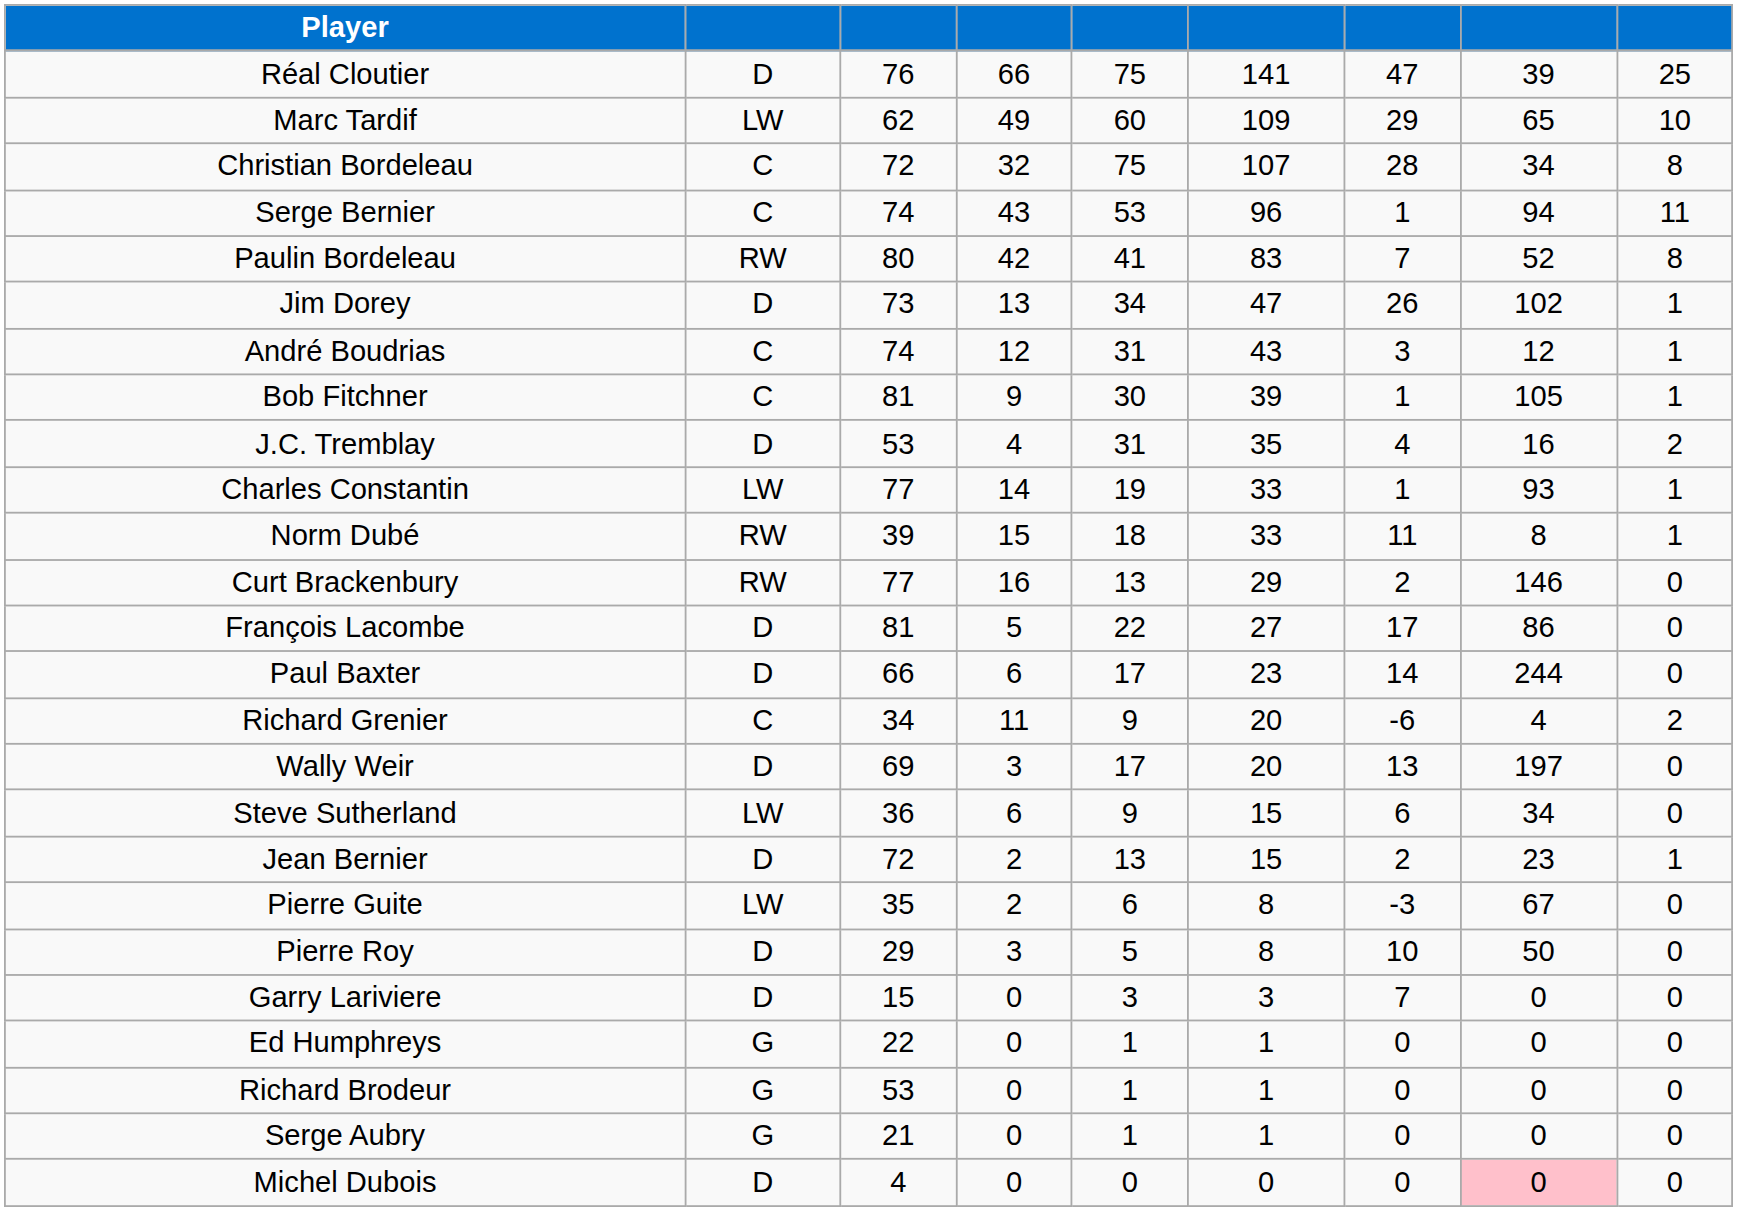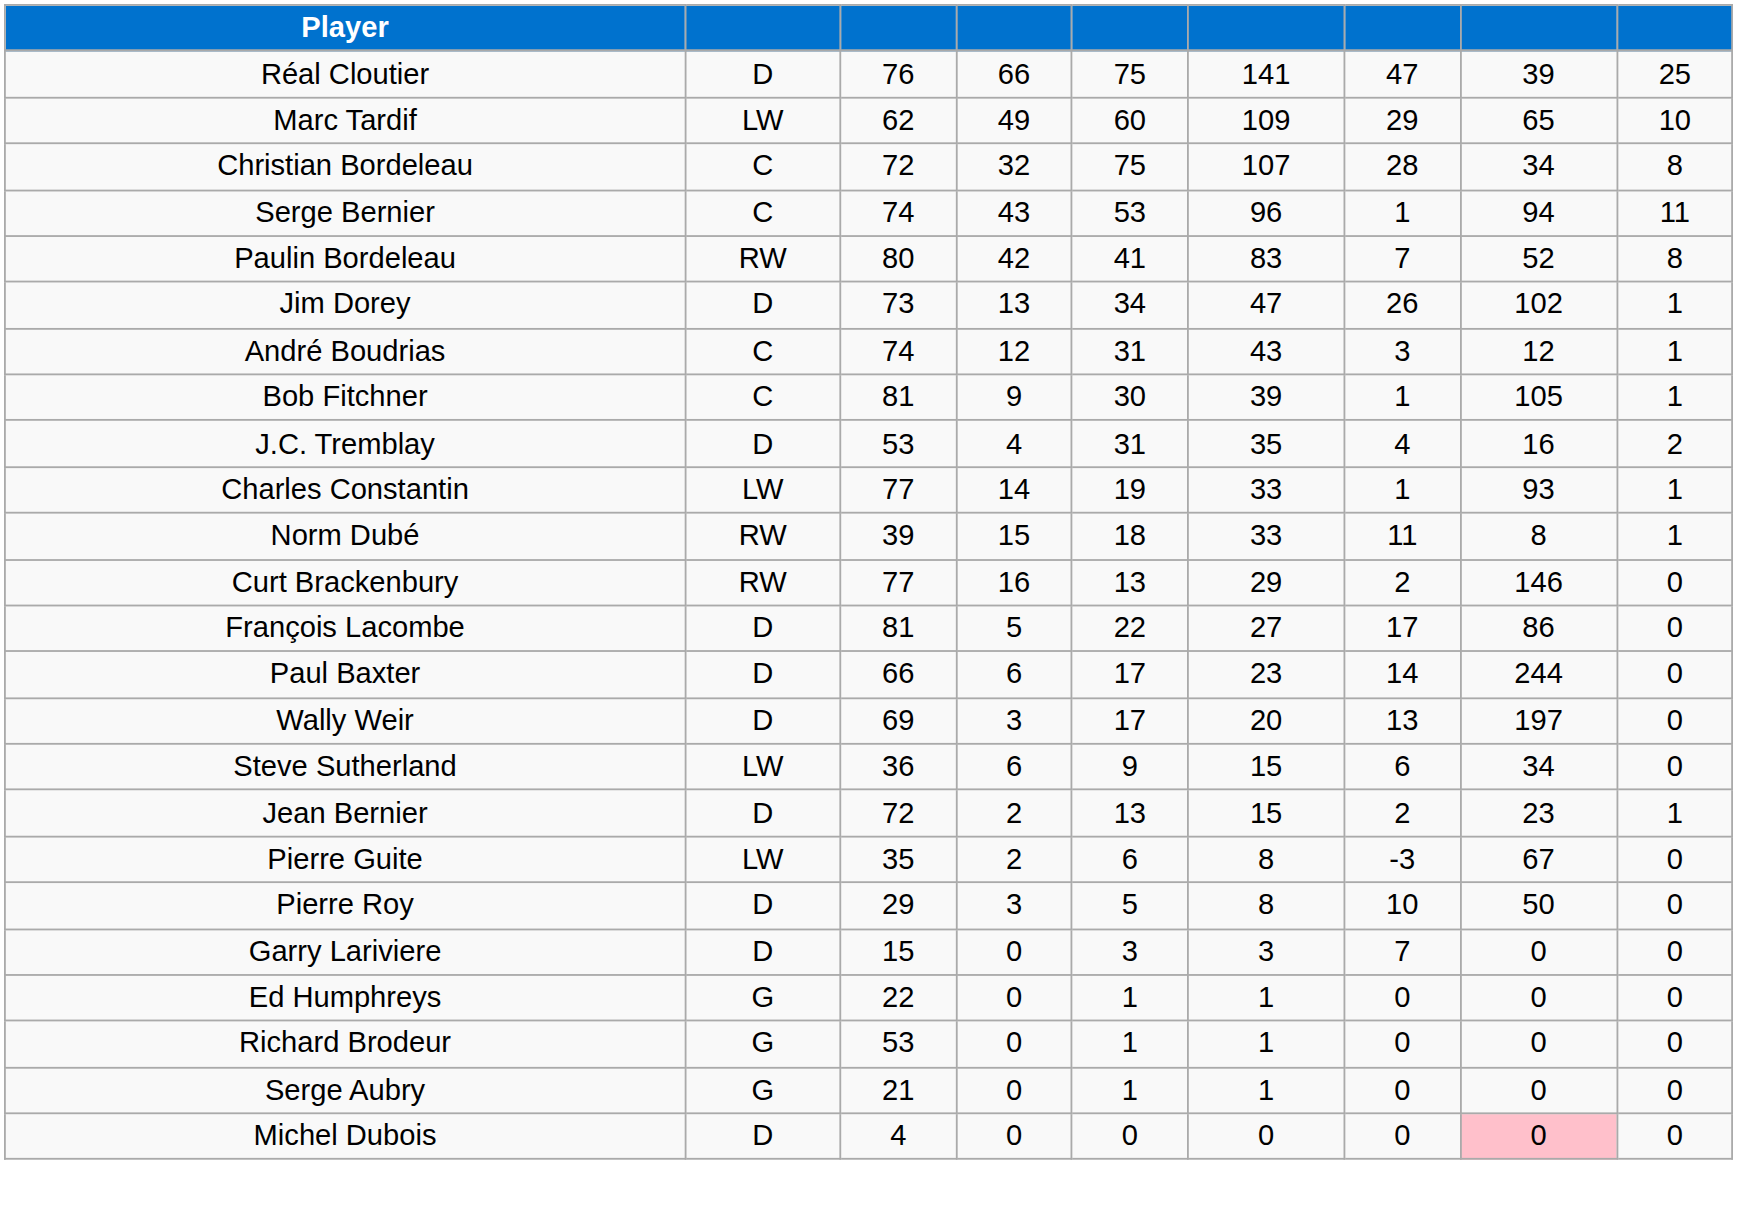 <table class="wikitable sortable" style="width:60%; text-align:center;">
 <tr align=center>
 <th style="color:white; background:#0072CE; ">Player</th>
 <th style="color:white; background:#0072CE; "></th>
 <th style="color:white; background:#0072CE; "></th>
 <th style="color:white;background:#0072CE; "></th>
 <th style="color:white;background:#0072CE; "></th>
 <th style="color:white;background:#0072CE; "></th>
 <th style="color:white;background:#0072CE; "></th>
 <th style="color:white; background:#0072CE; "></th>
 <th style="color:white;background:#0072CE; "></th>
 </tr>
 <tr>
 </tr>
 <tr style="text-align:center;">
 <td>Réal Cloutier</td>
 <td>D</td>
 <td>76</td>
 <td>66</td>
 <td>75</td>
 <td>141</td>
 <td>47</td>
 <td>39</td>
 <td>25</td>
 </tr>
 <tr style="text-align:center;">
 <td>Marc Tardif</td>
 <td>LW</td>
 <td>62</td>
 <td>49</td>
 <td>60</td>
 <td>109</td>
 <td>29</td>
 <td>65</td>
 <td>10</td>
 </tr>
 <tr style="text-align:center;">
 <td>Christian Bordeleau</td>
 <td>C</td>
 <td>72</td>
 <td>32</td>
 <td>75</td>
 <td>107</td>
 <td>28</td>
 <td>34</td>
 <td>8</td>
 </tr>
 <tr style="text-align:center;">
 <td>Serge Bernier</td>
 <td>C</td>
 <td>74</td>
 <td>43</td>
 <td>53</td>
 <td>96</td>
 <td>1</td>
 <td>94</td>
 <td>11</td>
 </tr>
 <tr style="text-align:center;">
 <td>Paulin Bordeleau</td>
 <td>RW</td>
 <td>80</td>
 <td>42</td>
 <td>41</td>
 <td>83</td>
 <td>7</td>
 <td>52</td>
 <td>8</td>
 </tr>
 <tr style="text-align:center;">
 <td>Jim Dorey</td>
 <td>D</td>
 <td>73</td>
 <td>13</td>
 <td>34</td>
 <td>47</td>
 <td>26</td>
 <td>102</td>
 <td>1</td>
 </tr>
 <tr style="text-align:center;">
 <td>André Boudrias</td>
 <td>C</td>
 <td>74</td>
 <td>12</td>
 <td>31</td>
 <td>43</td>
 <td>3</td>
 <td>12</td>
 <td>1</td>
 </tr>
 <tr style="text-align:center;">
 <td>Bob Fitchner</td>
 <td>C</td>
 <td>81</td>
 <td>9</td>
 <td>30</td>
 <td>39</td>
 <td>1</td>
 <td>105</td>
 <td>1</td>
 </tr>
 <tr style="text-align:center;">
 <td>J.C. Tremblay</td>
 <td>D</td>
 <td>53</td>
 <td>4</td>
 <td>31</td>
 <td>35</td>
 <td>4</td>
 <td>16</td>
 <td>2</td>
 </tr>
 <tr style="text-align:center;">
 <td>Charles Constantin</td>
 <td>LW</td>
 <td>77</td>
 <td>14</td>
 <td>19</td>
 <td>33</td>
 <td>1</td>
 <td>93</td>
 <td>1</td>
 </tr>
 <tr style="text-align:center;">
 <td>Norm Dubé</td>
 <td>RW</td>
 <td>39</td>
 <td>15</td>
 <td>18</td>
 <td>33</td>
 <td>11</td>
 <td>8</td>
 <td>1</td>
 </tr>
 <tr style="text-align:center;">
 <td>Curt Brackenbury</td>
 <td>RW</td>
 <td>77</td>
 <td>16</td>
 <td>13</td>
 <td>29</td>
 <td>2</td>
 <td>146</td>
 <td>0</td>
 </tr>
 <tr style="text-align:center;">
 <td>François Lacombe</td>
 <td>D</td>
 <td>81</td>
 <td>5</td>
 <td>22</td>
 <td>27</td>
 <td>17</td>
 <td>86</td>
 <td>0</td>
 </tr>
 <tr style="text-align:center;">
 <td>Paul Baxter</td>
 <td>D</td>
 <td>66</td>
 <td>6</td>
 <td>17</td>
 <td>23</td>
 <td>14</td>
 <td>244</td>
 <td>0</td>
 </tr>
 <tr style="text-align:center;">
-<td>Richard Grenier</td>
-<td>C</td>
-<td>34</td>
-<td>11</td>
-<td>9</td>
-<td>20</td>
-<td>-6</td>
-<td>4</td>
-<td>2</td>
-</tr>
-<tr style="text-align:center;">
 <td>Wally Weir</td>
 <td>D</td>
 <td>69</td>
 <td>3</td>
 <td>17</td>
 <td>20</td>
 <td>13</td>
 <td>197</td>
 <td>0</td>
 </tr>
 <tr style="text-align:center;">
 <td>Steve Sutherland</td>
 <td>LW</td>
 <td>36</td>
 <td>6</td>
 <td>9</td>
 <td>15</td>
 <td>6</td>
 <td>34</td>
 <td>0</td>
 </tr>
 <tr style="text-align:center;">
 <td>Jean Bernier</td>
 <td>D</td>
 <td>72</td>
 <td>2</td>
 <td>13</td>
 <td>15</td>
 <td>2</td>
 <td>23</td>
 <td>1</td>
 </tr>
 <tr style="text-align:center;">
 <td>Pierre Guite</td>
 <td>LW</td>
 <td>35</td>
 <td>2</td>
 <td>6</td>
 <td>8</td>
 <td>-3</td>
 <td>67</td>
 <td>0</td>
 </tr>
 <tr style="text-align:center;">
 <td>Pierre Roy</td>
 <td>D</td>
 <td>29</td>
 <td>3</td>
 <td>5</td>
 <td>8</td>
 <td>10</td>
 <td>50</td>
 <td>0</td>
 </tr>
 <tr style="text-align:center;">
 <td>Garry Lariviere</td>
 <td>D</td>
 <td>15</td>
 <td>0</td>
 <td>3</td>
 <td>3</td>
 <td>7</td>
 <td>0</td>
 <td>0</td>
 </tr>
 <tr style="text-align:center;">
 <td>Ed Humphreys</td>
 <td>G</td>
 <td>22</td>
 <td>0</td>
 <td>1</td>
 <td>1</td>
 <td>0</td>
 <td>0</td>
 <td>0</td>
 </tr>
 <tr style="text-align:center;">
 <td>Richard Brodeur</td>
 <td>G</td>
 <td>53</td>
 <td>0</td>
 <td>1</td>
 <td>1</td>
 <td>0</td>
 <td>0</td>
 <td>0</td>
 </tr>
 <tr style="text-align:center;">
 <td>Serge Aubry</td>
 <td>G</td>
 <td>21</td>
 <td>0</td>
 <td>1</td>
 <td>1</td>
 <td>0</td>
 <td>0</td>
 <td>0</td>
 </tr>
 <tr style="text-align:center;">
 <td>Michel Dubois</td>
 <td>D</td>
 <td>4</td>
 <td>0</td>
 <td>0</td>
 <td>0</td>
 <td>0</td>
 <td style="background: pink;">0</td>
 <td>0</td>
 </tr>
 </table>
